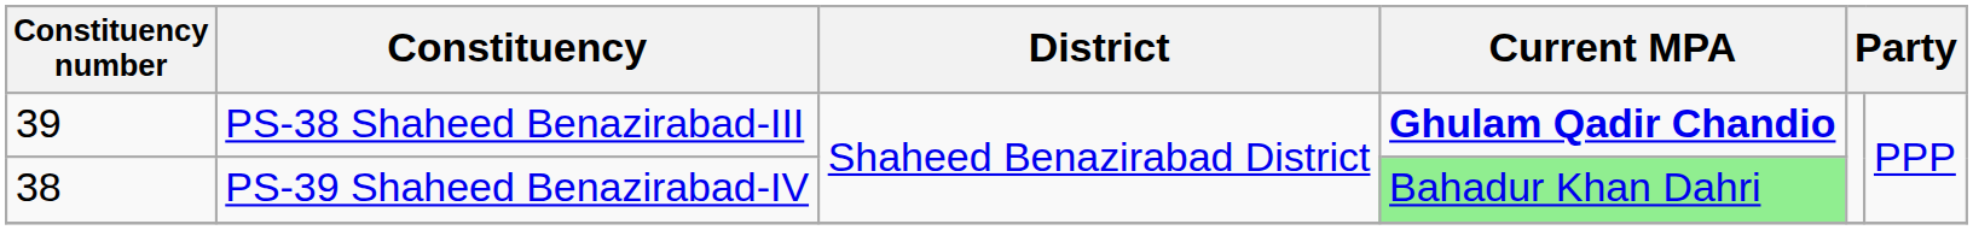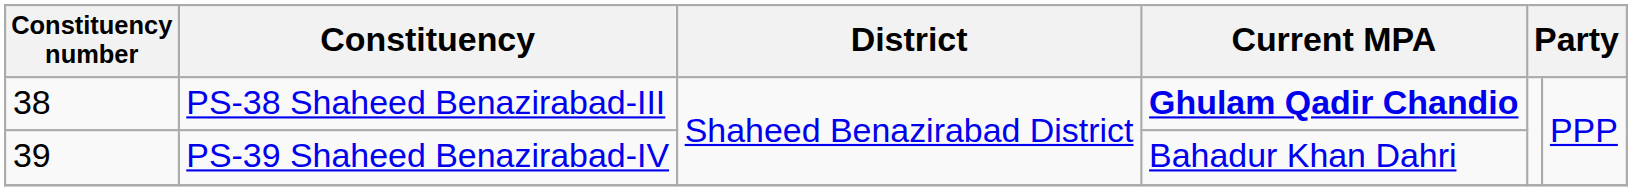 <table class="wikitable">
 <tr>
 <th width="50px" style="font-size:75%">Constituency number</th>
 <th>Constituency</th>
 <th>District</th>
 <th>Current MPA</th>
 <th colspan="2">Party</th>
 </tr>
 <tr>
-<td>39</td>
+<td>38</td>
 <td><a href='#'>PS-38 Shaheed Benazirabad-III</a></td>
 <td rowspan="2"><a href='#'>Shaheed Benazirabad District</a></td>
 <td><strong><a href='#'>Ghulam Qadir Chandio</a></strong></td>
 <td rowspan="2"></td>
 <td rowspan="2"><a href='#'>PPP</a></td>
 </tr>
 <tr>
-<td>38</td>
+<td>39</td>
 <td><a href='#'>PS-39 Shaheed Benazirabad-IV</a></td>
-<td style="background: lightgreen;"><a href='#'>Bahadur Khan Dahri</a></td>
+<td><a href='#'>Bahadur Khan Dahri</a></td>
 </tr>
 <tr>
 </tr>
 </table>
